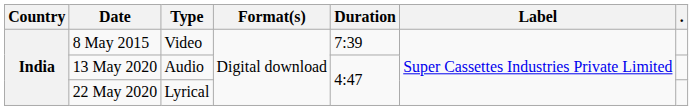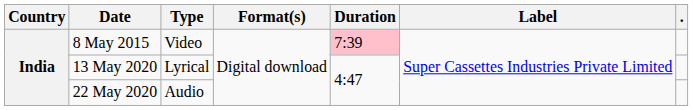 <table class="wikitable plainrowheaders">
 <tr>
 <th scope="col">Country</th>
 <th scope="col">Date</th>
 <th scope="col">Type</th>
 <th scope="col">Format(s)</th>
 <th scope="col">Duration</th>
 <th scope="col">Label</th>
 <th scope="col">.</th>
 </tr>
 <tr>
 <th rowspan="3">India</th>
 <td>8 May 2015</td>
 <td>Video</td>
 <td rowspan="3">Digital download</td>
-<td>7:39</td>
+<td style="background: pink;">7:39</td>
 <td rowspan="3"><a href='#'>Super Cassettes Industries Private Limited</a></td>
 <td></td>
 </tr>
 <tr>
 <td>13 May 2020</td>
-<td>Audio</td>
+<td>Lyrical</td>
 <td rowspan="2">4:47</td>
 <td></td>
 </tr>
 <tr>
 <td>22 May 2020</td>
-<td>Lyrical</td>
+<td>Audio</td>
 <td></td>
 </tr>
 </table>
